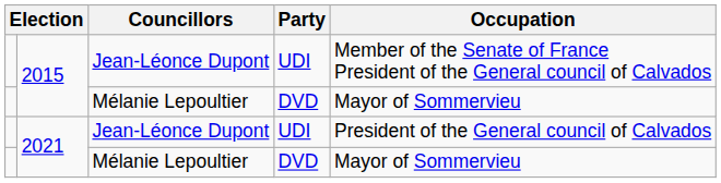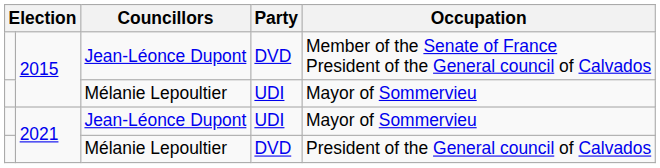 <table class="wikitable">
 <tr>
 <th colspan="2">Election</th>
 <th>Councillors</th>
 <th>Party</th>
 <th>Occupation</th>
 </tr>
 <tr>
 <td style="background-color: "></td>
 <td rowspan="2"><a href='#'>2015</a></td>
 <td><a href='#'>Jean-Léonce Dupont</a></td>
-<td><a href='#'>UDI</a></td>
+<td><a href='#'>DVD</a></td>
 <td>Member of the <a href='#'>Senate of France</a><br>President of the <a href='#'>General council</a> of <a href='#'>Calvados</a></td>
 </tr>
 <tr>
 <td style="background-color: "></td>
 <td>Mélanie Lepoultier</td>
-<td><a href='#'>DVD</a></td>
+<td><a href='#'>UDI</a></td>
 <td>Mayor of <a href='#'>Sommervieu</a></td>
 </tr>
 <tr>
 <td style="background-color: "></td>
 <td rowspan="2"><a href='#'>2021</a></td>
 <td><a href='#'>Jean-Léonce Dupont</a></td>
 <td><a href='#'>UDI</a></td>
-<td>President of the <a href='#'>General council</a> of <a href='#'>Calvados</a></td>
+<td>Mayor of <a href='#'>Sommervieu</a></td>
 </tr>
 <tr>
 <td style="background-color: "></td>
 <td>Mélanie Lepoultier</td>
 <td><a href='#'>DVD</a></td>
-<td>Mayor of <a href='#'>Sommervieu</a></td>
+<td>President of the <a href='#'>General council</a> of <a href='#'>Calvados</a></td>
 </tr>
 </table>
